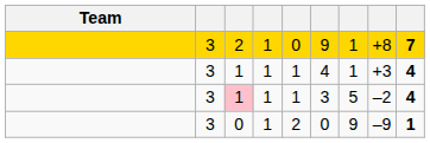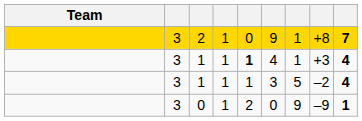 <table class="wikitable" style="text-align: center;">
 <tr>
 <th width="175">Team</th>
 <th width="20"></th>
 <th width="20"></th>
 <th width="20"></th>
 <th width="20"></th>
 <th width="20"></th>
 <th width="20"></th>
 <th width="20"></th>
 <th width="20"><strong></strong></th>
 </tr>
 <tr bgcolor=gold>
 <td align=left></td>
 <td>3</td>
 <td>2</td>
 <td>1</td>
 <td>0</td>
 <td>9</td>
 <td>1</td>
 <td>+8</td>
 <td><strong>7</strong></td>
 </tr>
 <tr>
 <td align=left></td>
 <td>3</td>
 <td>1</td>
 <td>1</td>
-<td>1</td>
+<td><strong>1</strong></td>
 <td>4</td>
 <td>1</td>
 <td>+3</td>
 <td><strong>4</strong></td>
 </tr>
 <tr>
 <td align=left></td>
 <td>3</td>
-<td style="background: pink;">1</td>
+<td>1</td>
 <td>1</td>
 <td>1</td>
 <td>3</td>
 <td>5</td>
 <td>–2</td>
 <td><strong>4</strong></td>
 </tr>
 <tr>
 <td align=left></td>
 <td>3</td>
 <td>0</td>
 <td>1</td>
 <td>2</td>
 <td>0</td>
 <td>9</td>
 <td>–9</td>
 <td><strong>1</strong></td>
 </tr>
 </table>
